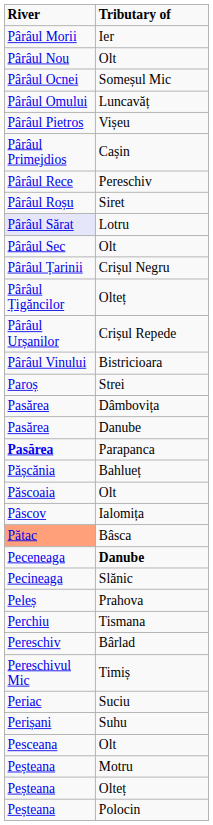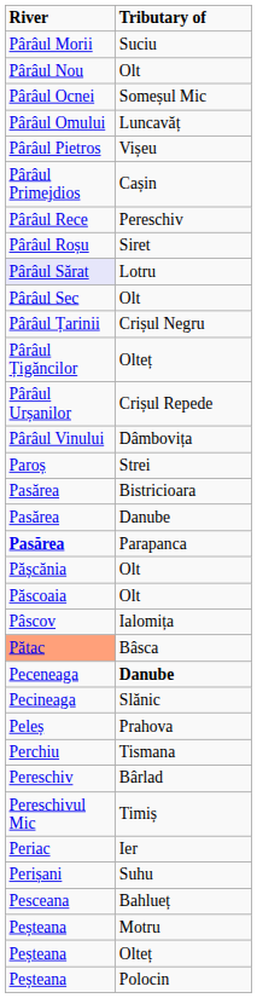 <table class="wikitable">
 <tr>
 <td width="100pt"><strong>River</strong></td>
 <td width="125pt"><strong>Tributary of</strong></td>
 </tr>
 <tr>
 <td><a href='#'>Pârâul Morii</a></td>
-<td>Ier</td>
+<td>Suciu</td>
 </tr>
 <tr>
 <td><a href='#'>Pârâul Nou</a></td>
 <td>Olt</td>
 </tr>
 <tr>
 <td><a href='#'>Pârâul Ocnei</a></td>
 <td>Someșul Mic</td>
 </tr>
 <tr>
 <td><a href='#'>Pârâul Omului</a></td>
 <td>Luncavăț</td>
 </tr>
 <tr>
 <td><a href='#'>Pârâul Pietros</a></td>
 <td>Vișeu</td>
 </tr>
 <tr>
 <td><a href='#'>Pârâul Primejdios</a></td>
 <td>Cașin</td>
 </tr>
 <tr>
 <td><a href='#'>Pârâul Rece</a></td>
 <td>Pereschiv</td>
 </tr>
 <tr>
 <td><a href='#'>Pârâul Roșu</a></td>
 <td>Siret</td>
 </tr>
 <tr>
 <td style="background: lavender;"><a href='#'>Pârâul Sărat</a></td>
 <td>Lotru</td>
 </tr>
 <tr>
 <td><a href='#'>Pârâul Sec</a></td>
 <td>Olt</td>
 </tr>
 <tr>
 <td><a href='#'>Pârâul Țarinii</a></td>
 <td>Crișul Negru</td>
 </tr>
 <tr>
 <td><a href='#'>Pârâul Țigăncilor</a></td>
 <td>Olteț</td>
 </tr>
 <tr>
 <td><a href='#'>Pârâul Urșanilor</a></td>
 <td>Crișul Repede</td>
 </tr>
 <tr>
 <td><a href='#'>Pârâul Vinului</a></td>
-<td>Bistricioara</td>
+<td>Dâmbovița</td>
 </tr>
 <tr>
 <td><a href='#'>Paroș</a></td>
 <td>Strei</td>
 </tr>
 <tr>
 <td><a href='#'>Pasărea</a></td>
-<td>Dâmbovița</td>
+<td>Bistricioara</td>
 </tr>
 <tr>
 <td><a href='#'>Pasărea</a></td>
 <td>Danube</td>
 </tr>
 <tr>
 <td><strong><a href='#'>Pasărea</a></strong></td>
 <td>Parapanca</td>
 </tr>
 <tr>
 <td><a href='#'>Pășcănia</a></td>
-<td>Bahlueț</td>
+<td>Olt</td>
 </tr>
 <tr>
 <td><a href='#'>Păscoaia</a></td>
 <td>Olt</td>
 </tr>
 <tr>
 <td><a href='#'>Pâscov</a></td>
 <td>Ialomița</td>
 </tr>
 <tr>
 <td style="background: lightsalmon;"><a href='#'>Pătac</a></td>
 <td>Bâsca</td>
 </tr>
 <tr>
 <td><a href='#'>Peceneaga</a></td>
 <td><strong>Danube</strong></td>
 </tr>
 <tr>
 <td><a href='#'>Pecineaga</a></td>
 <td>Slănic</td>
 </tr>
 <tr>
 <td><a href='#'>Peleș</a></td>
 <td>Prahova</td>
 </tr>
 <tr>
 <td><a href='#'>Perchiu</a></td>
 <td>Tismana</td>
 </tr>
 <tr>
 <td><a href='#'>Pereschiv</a></td>
 <td>Bârlad</td>
 </tr>
 <tr>
 <td><a href='#'>Pereschivul Mic</a></td>
 <td>Timiș</td>
 </tr>
 <tr>
 <td><a href='#'>Periac</a></td>
-<td>Suciu</td>
+<td>Ier</td>
 </tr>
 <tr>
 <td><a href='#'>Perișani</a></td>
 <td>Suhu</td>
 </tr>
 <tr>
 <td><a href='#'>Pesceana</a></td>
-<td>Olt</td>
+<td>Bahlueț</td>
 </tr>
 <tr>
 <td><a href='#'>Peșteana</a></td>
 <td>Motru</td>
 </tr>
 <tr>
 <td><a href='#'>Peșteana</a></td>
 <td>Olteț</td>
 </tr>
 <tr>
 <td><a href='#'>Peșteana</a></td>
 <td>Polocin</td>
 </tr>
 </table>
